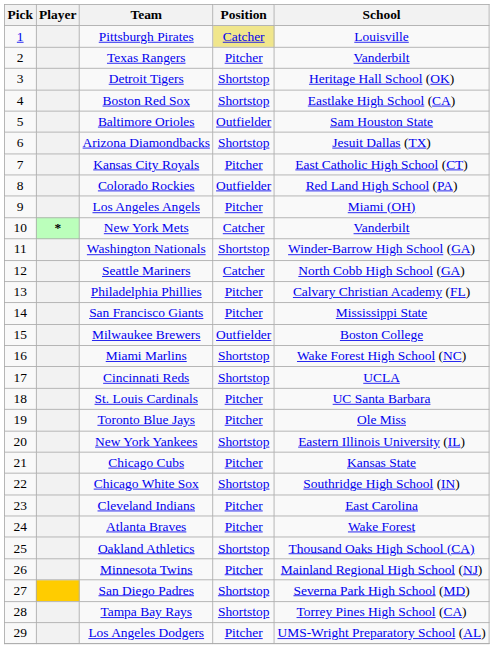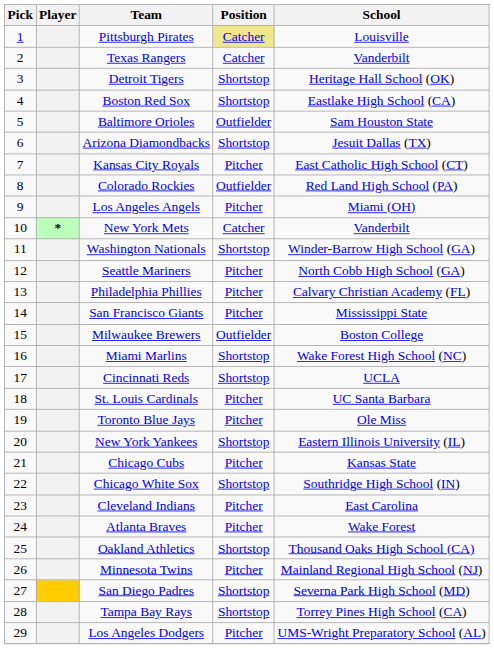 <table class="wikitable sortable plainrowheaders" style="text-align:center; width=74%">
 <tr>
 <th scope="col">Pick</th>
 <th scope="col">Player</th>
 <th scope="col">Team</th>
 <th scope="col">Position</th>
 <th scope="col">School</th>
 </tr>
 <tr>
 <td><a href='#'>1</a></td>
 <th scope="row" style="text-align:center"></th>
 <td><a href='#'>Pittsburgh Pirates</a></td>
 <td style="background: khaki;"><a href='#'>Catcher</a></td>
 <td><a href='#'>Louisville</a></td>
 </tr>
 <tr>
 <td>2</td>
 <th scope="row" style="text-align:center"></th>
 <td><a href='#'>Texas Rangers</a></td>
-<td><a href='#'>Pitcher</a></td>
+<td><a href='#'>Catcher</a></td>
 <td><a href='#'>Vanderbilt</a></td>
 </tr>
 <tr>
 <td>3</td>
 <th scope="row" style="text-align:center"></th>
 <td><a href='#'>Detroit Tigers</a></td>
 <td><a href='#'>Shortstop</a></td>
 <td><a href='#'>Heritage Hall School</a> (<a href='#'>OK</a>)</td>
 </tr>
 <tr>
 <td>4</td>
 <th scope="row" style="text-align:center"></th>
 <td><a href='#'>Boston Red Sox</a></td>
 <td><a href='#'>Shortstop</a></td>
 <td><a href='#'>Eastlake High School</a> (<a href='#'>CA</a>)</td>
 </tr>
 <tr>
 <td>5</td>
 <th scope="row" style="text-align:center"></th>
 <td><a href='#'>Baltimore Orioles</a></td>
 <td><a href='#'>Outfielder</a></td>
 <td><a href='#'>Sam Houston State</a></td>
 </tr>
 <tr>
 <td>6</td>
 <th scope="row" style="text-align:center"></th>
 <td><a href='#'>Arizona Diamondbacks</a></td>
 <td><a href='#'>Shortstop</a></td>
 <td><a href='#'>Jesuit Dallas</a> (<a href='#'>TX</a>)</td>
 </tr>
 <tr>
 <td>7</td>
 <th scope="row" style="text-align:center"></th>
 <td><a href='#'>Kansas City Royals</a></td>
 <td><a href='#'>Pitcher</a></td>
 <td><a href='#'>East Catholic High School</a> (<a href='#'>CT</a>)</td>
 </tr>
 <tr>
 <td>8</td>
 <th scope="row" style="text-align:center"></th>
 <td><a href='#'>Colorado Rockies</a></td>
 <td><a href='#'>Outfielder</a></td>
 <td><a href='#'>Red Land High School</a> (<a href='#'>PA</a>)</td>
 </tr>
 <tr>
 <td>9</td>
 <th scope="row" style="text-align:center"></th>
 <td><a href='#'>Los Angeles Angels</a></td>
 <td><a href='#'>Pitcher</a></td>
 <td><a href='#'>Miami (OH)</a></td>
 </tr>
 <tr>
 <td>10</td>
 <th scope="row" style="text-align:center; background:#bfb;”">*</th>
 <td><a href='#'>New York Mets</a></td>
 <td><a href='#'>Catcher</a></td>
 <td><a href='#'>Vanderbilt</a></td>
 </tr>
 <tr>
 <td>11</td>
 <th scope="row" style="text-align:center"></th>
 <td><a href='#'>Washington Nationals</a></td>
 <td><a href='#'>Shortstop</a></td>
 <td><a href='#'>Winder-Barrow High School</a> (<a href='#'>GA</a>)</td>
 </tr>
 <tr>
 <td>12</td>
 <th scope="row" style="text-align:center"></th>
 <td><a href='#'>Seattle Mariners</a></td>
-<td><a href='#'>Catcher</a></td>
+<td><a href='#'>Pitcher</a></td>
 <td><a href='#'>North Cobb High School</a> (<a href='#'>GA</a>)</td>
 </tr>
 <tr>
 <td>13</td>
 <th scope="row" style="text-align:center"></th>
 <td><a href='#'>Philadelphia Phillies</a></td>
 <td><a href='#'>Pitcher</a></td>
 <td><a href='#'>Calvary Christian Academy</a> (<a href='#'>FL</a>)</td>
 </tr>
 <tr>
 <td>14</td>
 <th scope="row" style="text-align:center"></th>
 <td><a href='#'>San Francisco Giants</a></td>
 <td><a href='#'>Pitcher</a></td>
 <td><a href='#'>Mississippi State</a></td>
 </tr>
 <tr>
 <td>15</td>
 <th scope="row" style="text-align:center"></th>
 <td><a href='#'>Milwaukee Brewers</a></td>
 <td><a href='#'>Outfielder</a></td>
 <td><a href='#'>Boston College</a></td>
 </tr>
 <tr>
 <td>16</td>
 <th scope="row" style="text-align:center"></th>
 <td><a href='#'>Miami Marlins</a></td>
 <td><a href='#'>Shortstop</a></td>
 <td><a href='#'>Wake Forest High School</a> (<a href='#'>NC</a>)</td>
 </tr>
 <tr>
 <td>17</td>
 <th scope="row" style="text-align:center"></th>
 <td><a href='#'>Cincinnati Reds</a></td>
 <td><a href='#'>Shortstop</a></td>
 <td><a href='#'>UCLA</a></td>
 </tr>
 <tr>
 <td>18</td>
 <th scope="row" style="text-align:center"></th>
 <td><a href='#'>St. Louis Cardinals</a></td>
 <td><a href='#'>Pitcher</a></td>
 <td><a href='#'>UC Santa Barbara</a></td>
 </tr>
 <tr>
 <td>19</td>
 <th scope="row" style="text-align:center"></th>
 <td><a href='#'>Toronto Blue Jays</a></td>
 <td><a href='#'>Pitcher</a></td>
 <td><a href='#'>Ole Miss</a></td>
 </tr>
 <tr>
 <td>20</td>
 <th scope="row" style="text-align:center"></th>
 <td><a href='#'>New York Yankees</a></td>
 <td><a href='#'>Shortstop</a></td>
 <td><a href='#'>Eastern Illinois University</a> (<a href='#'>IL</a>)</td>
 </tr>
 <tr>
 <td>21</td>
 <th scope="row" style="text-align:center"></th>
 <td><a href='#'>Chicago Cubs</a></td>
 <td><a href='#'>Pitcher</a></td>
 <td><a href='#'>Kansas State</a></td>
 </tr>
 <tr>
 <td>22</td>
 <th scope="row" style="text-align:center"></th>
 <td><a href='#'>Chicago White Sox</a></td>
 <td><a href='#'>Shortstop</a></td>
 <td><a href='#'>Southridge High School</a> (<a href='#'>IN</a>)</td>
 </tr>
 <tr>
 <td>23</td>
 <th scope="row" style="text-align:center"></th>
 <td><a href='#'>Cleveland Indians</a></td>
 <td><a href='#'>Pitcher</a></td>
 <td><a href='#'>East Carolina</a></td>
 </tr>
 <tr>
 <td>24</td>
 <th scope="row" style="text-align:center"></th>
 <td><a href='#'>Atlanta Braves</a></td>
 <td><a href='#'>Pitcher</a></td>
 <td><a href='#'>Wake Forest</a></td>
 </tr>
 <tr>
 <td>25</td>
 <th scope="row" style="text-align:center"></th>
 <td><a href='#'>Oakland Athletics</a></td>
 <td><a href='#'>Shortstop</a></td>
 <td><a href='#'>Thousand Oaks High School (CA)</a></td>
 </tr>
 <tr>
 <td>26</td>
 <th scope="row" style="text-align:center"></th>
 <td><a href='#'>Minnesota Twins</a></td>
 <td><a href='#'>Pitcher</a></td>
 <td><a href='#'>Mainland Regional High School</a> (<a href='#'>NJ</a>)</td>
 </tr>
 <tr>
 <td>27</td>
 <th scope="row" style="text-align:center; background-color:#FFCC00"></th>
 <td><a href='#'>San Diego Padres</a></td>
 <td><a href='#'>Shortstop</a></td>
 <td><a href='#'>Severna Park High School</a> (<a href='#'>MD</a>)</td>
 </tr>
 <tr>
 <td>28</td>
 <th scope="row" style="text-align:center"></th>
 <td><a href='#'>Tampa Bay Rays</a></td>
 <td><a href='#'>Shortstop</a></td>
 <td><a href='#'>Torrey Pines High School</a> (<a href='#'>CA</a>)</td>
 </tr>
 <tr>
 <td>29</td>
 <th scope="row" style="text-align:center"></th>
 <td><a href='#'>Los Angeles Dodgers</a></td>
 <td><a href='#'>Pitcher</a></td>
 <td><a href='#'>UMS-Wright Preparatory School</a> (<a href='#'>AL</a>)</td>
 </tr>
 <tr>
 </tr>
 </table>
